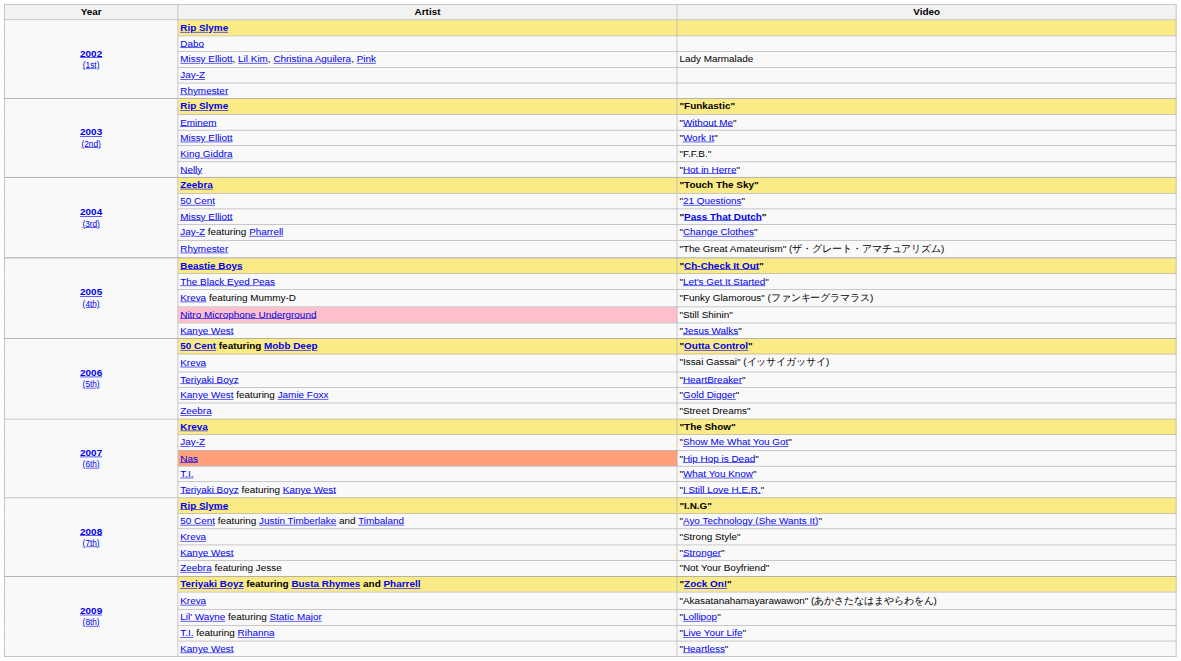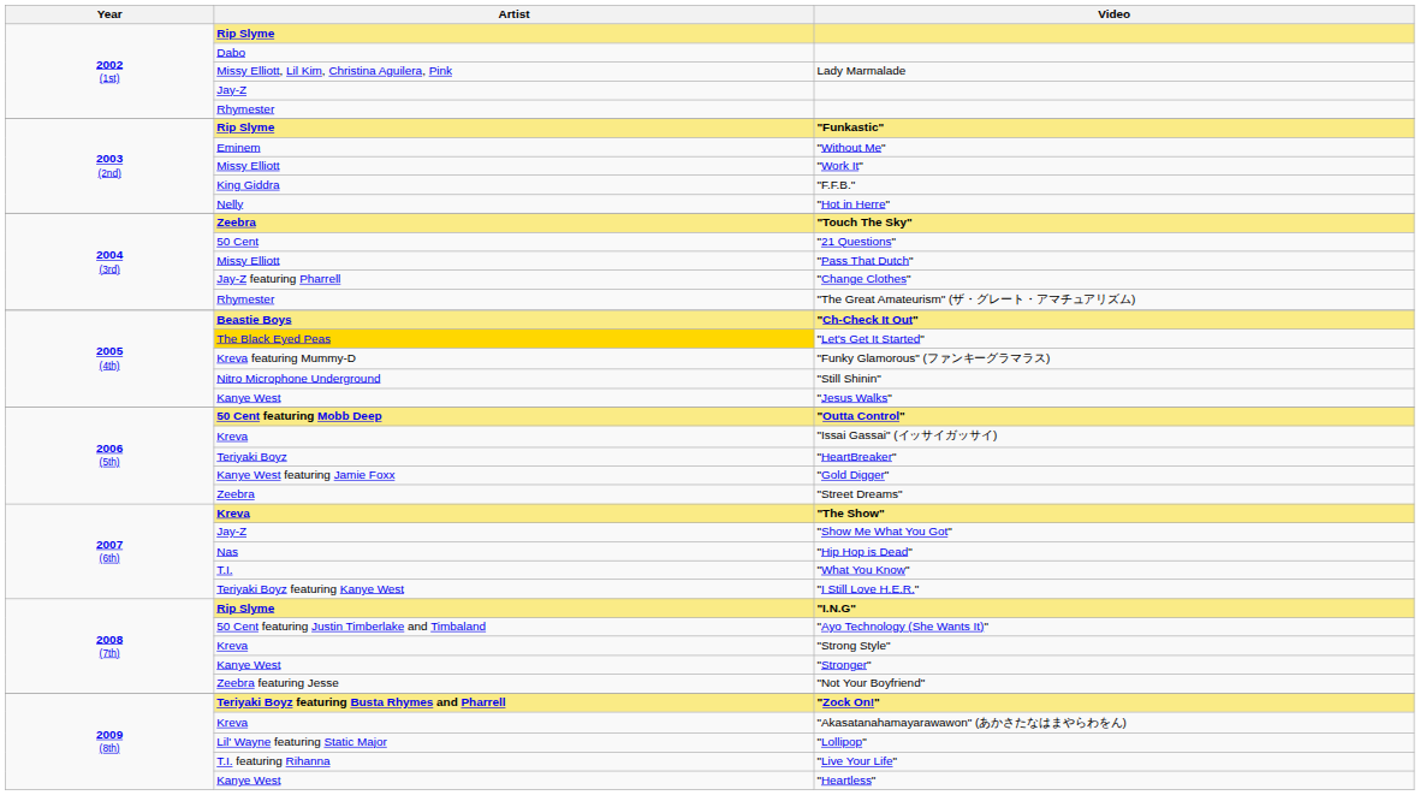 <table class="sortable wikitable">
 <tr>
 <th width="8%">Year</th>
 <th width="23%">Artist</th>
 <th width="23%">Video</th>
 </tr>
 <tr>
 <td rowspan=5 style="text-align:center"><strong><a href='#'>2002</a></strong><br><small><a href='#'>(1st)</a></small></td>
 <td style="background:#FAEB86"><strong><a href='#'>Rip Slyme</a></strong></td>
 <td style="background:#FAEB86"></td>
 </tr>
 <tr>
 <td><a href='#'>Dabo</a></td>
 <td></td>
 </tr>
 <tr>
 <td><a href='#'>Missy Elliott</a>, <a href='#'>Lil Kim</a>, <a href='#'>Christina Aguilera</a>, <a href='#'>Pink</a></td>
 <td>Lady Marmalade</td>
 </tr>
 <tr>
 <td><a href='#'>Jay-Z</a></td>
 <td></td>
 </tr>
 <tr>
 <td><a href='#'>Rhymester</a></td>
 <td></td>
 </tr>
 <tr>
 </tr>
 <tr>
 <td rowspan=5 style="text-align:center"><strong><a href='#'>2003</a></strong><br><small><a href='#'>(2nd)</a></small></td>
 <td style="background:#FAEB86"><strong><a href='#'>Rip Slyme</a></strong></td>
 <td style="background:#FAEB86"><strong>"Funkastic"</strong></td>
 </tr>
 <tr>
 <td><a href='#'>Eminem</a></td>
 <td>"<a href='#'>Without Me</a>"</td>
 </tr>
 <tr>
 <td><a href='#'>Missy Elliott</a></td>
 <td>"<a href='#'>Work It</a>"</td>
 </tr>
 <tr>
 <td><a href='#'>King Giddra</a></td>
 <td>"F.F.B."</td>
 </tr>
 <tr>
 <td><a href='#'>Nelly</a></td>
 <td>"<a href='#'>Hot in Herre</a>"</td>
 </tr>
 <tr>
 </tr>
 <tr>
 <td rowspan=5 style="text-align:center"><strong><a href='#'>2004</a></strong><br><small><a href='#'>(3rd)</a></small></td>
 <td style="background:#FAEB86"><strong><a href='#'>Zeebra</a></strong></td>
 <td style="background:#FAEB86"><strong>"Touch The Sky"</strong></td>
 </tr>
 <tr>
 <td><a href='#'>50 Cent</a></td>
 <td>"<a href='#'>21 Questions</a>"</td>
 </tr>
 <tr>
 <td><a href='#'>Missy Elliott</a></td>
-<td><strong>"<a href='#'>Pass That Dutch</a>"</strong></td>
+<td>"<a href='#'>Pass That Dutch</a>"</td>
 </tr>
 <tr>
 <td><a href='#'>Jay-Z</a> featuring <a href='#'>Pharrell</a></td>
 <td>"<a href='#'>Change Clothes</a>"</td>
 </tr>
 <tr>
 <td><a href='#'>Rhymester</a></td>
 <td>"The Great Amateurism" (ザ・グレート・アマチュアリズム)</td>
 </tr>
 <tr>
 </tr>
 <tr>
 <td rowspan=5 style="text-align:center"><strong><a href='#'>2005</a></strong><br><small><a href='#'>(4th)</a></small></td>
 <td style="background:#FAEB86"><strong><a href='#'>Beastie Boys</a></strong></td>
 <td style="background:#FAEB86"><strong>"<a href='#'>Ch-Check It Out</a>"</strong></td>
 </tr>
 <tr>
-<td><a href='#'>The Black Eyed Peas</a></td>
+<td style="background: gold;"><a href='#'>The Black Eyed Peas</a></td>
 <td>"<a href='#'>Let's Get It Started</a>"</td>
 </tr>
 <tr>
 <td><a href='#'>Kreva</a> featuring Mummy-D</td>
 <td>"Funky Glamorous" (ファンキーグラマラス)</td>
 </tr>
 <tr>
-<td style="background: pink;"><a href='#'>Nitro Microphone Underground</a></td>
+<td><a href='#'>Nitro Microphone Underground</a></td>
 <td>"Still Shinin"</td>
 </tr>
 <tr>
 <td><a href='#'>Kanye West</a></td>
 <td>"<a href='#'>Jesus Walks</a>"</td>
 </tr>
 <tr>
 </tr>
 <tr>
 <td rowspan=5 style="text-align:center"><strong><a href='#'>2006</a></strong><br><small><a href='#'>(5th)</a></small></td>
 <td style="background:#FAEB86"><strong><a href='#'>50 Cent</a> featuring <a href='#'>Mobb Deep</a></strong></td>
 <td style="background:#FAEB86"><strong>"<a href='#'>Outta Control</a>"</strong></td>
 </tr>
 <tr>
 <td><a href='#'>Kreva</a></td>
 <td>"Issai Gassai" (イッサイガッサイ)</td>
 </tr>
 <tr>
 <td><a href='#'>Teriyaki Boyz</a></td>
 <td>"<a href='#'>HeartBreaker</a>"</td>
 </tr>
 <tr>
 <td><a href='#'>Kanye West</a> featuring <a href='#'>Jamie Foxx</a></td>
 <td>"<a href='#'>Gold Digger</a>"</td>
 </tr>
 <tr>
 <td><a href='#'>Zeebra</a></td>
 <td>"Street Dreams"</td>
 </tr>
 <tr>
 <td rowspan=5 style="text-align:center"><strong><a href='#'>2007</a></strong><br><small><a href='#'>(6th)</a></small></td>
 <td style="background:#FAEB86"><strong><a href='#'>Kreva</a></strong></td>
 <td style="background:#FAEB86"><strong>"The Show"</strong></td>
 </tr>
 <tr>
 <td><a href='#'>Jay-Z</a></td>
 <td>"<a href='#'>Show Me What You Got</a>"</td>
 </tr>
 <tr>
-<td style="background: lightsalmon;"><a href='#'>Nas</a></td>
+<td><a href='#'>Nas</a></td>
 <td>"<a href='#'>Hip Hop is Dead</a>"</td>
 </tr>
 <tr>
 <td><a href='#'>T.I.</a></td>
 <td>"<a href='#'>What You Know</a>"</td>
 </tr>
 <tr>
 <td><a href='#'>Teriyaki Boyz</a> featuring <a href='#'>Kanye West</a></td>
 <td>"<a href='#'>I Still Love H.E.R.</a>"</td>
 </tr>
 <tr>
 <td rowspan=5 style="text-align:center"><strong><a href='#'>2008</a></strong><br><small><a href='#'>(7th)</a></small></td>
 <td style="background:#FAEB86"><strong><a href='#'>Rip Slyme</a></strong></td>
 <td style="background:#FAEB86"><strong>"I.N.G"</strong></td>
 </tr>
 <tr>
 <td><a href='#'>50 Cent</a> featuring <a href='#'>Justin Timberlake</a> and <a href='#'>Timbaland</a></td>
 <td>"<a href='#'>Ayo Technology (She Wants It)</a>"</td>
 </tr>
 <tr>
 <td><a href='#'>Kreva</a></td>
 <td>"Strong Style"</td>
 </tr>
 <tr>
 <td><a href='#'>Kanye West</a></td>
 <td>"<a href='#'>Stronger</a>"</td>
 </tr>
 <tr>
 <td><a href='#'>Zeebra</a> featuring Jesse</td>
 <td>"Not Your Boyfriend"</td>
 </tr>
 <tr>
 </tr>
 <tr>
 <td rowspan=5 style="text-align:center"><strong><a href='#'>2009</a></strong><br><small><a href='#'>(8th)</a></small></td>
 <td style="background:#FAEB86"><strong><a href='#'>Teriyaki Boyz</a> featuring <a href='#'>Busta Rhymes</a> and <a href='#'>Pharrell</a></strong></td>
 <td style="background:#FAEB86"><strong>"<a href='#'>Zock On!</a>"</strong></td>
 </tr>
 <tr>
 <td><a href='#'>Kreva</a></td>
 <td>"Akasatanahamayarawawon" (あかさたなはまやらわをん)</td>
 </tr>
 <tr>
 <td><a href='#'>Lil' Wayne</a> featuring <a href='#'>Static Major</a></td>
 <td>"<a href='#'>Lollipop</a>"</td>
 </tr>
 <tr>
 <td><a href='#'>T.I.</a> featuring <a href='#'>Rihanna</a></td>
 <td>"<a href='#'>Live Your Life</a>"</td>
 </tr>
 <tr>
 <td><a href='#'>Kanye West</a></td>
 <td>"<a href='#'>Heartless</a>"</td>
 </tr>
 </table>
